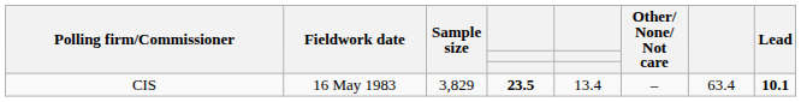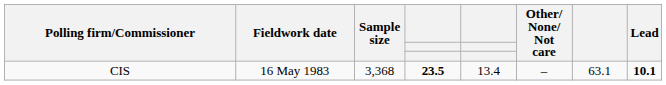 <table class="wikitable collapsible collapsed" style="text-align:center; font-size:90%; line-height:14px;">
 <tr style="height:42px;">
 <th style="width:250px;" rowspan="3">Polling firm/Commissioner</th>
 <th style="width:125px;" rowspan="3">Fieldwork date</th>
 <th style="width:50px;" rowspan="3">Sample size</th>
 <th style="width:55px;"></th>
 <th style="width:55px;"></th>
 <th style="width:55px;" rowspan="3">Other/<br>None/<br>Not<br>care</th>
 <th style="width:55px;" rowspan="3"></th>
 <th style="width:30px;" rowspan="3">Lead</th>
 </tr>
 <tr>
 <th style="color:inherit;background:"></th>
 <th style="color:inherit;background:"></th>
 </tr>
 <tr>
 <th></th>
 <th></th>
 </tr>
 <tr>
 <td>CIS</td>
 <td>16 May 1983</td>
-<td>3,829</td>
+<td>3,368</td>
 <td><strong>23.5</strong></td>
 <td>13.4</td>
 <td>–</td>
-<td>63.4</td>
+<td>63.1</td>
 <td style="background:"><strong>10.1</strong></td>
 </tr>
 </table>
